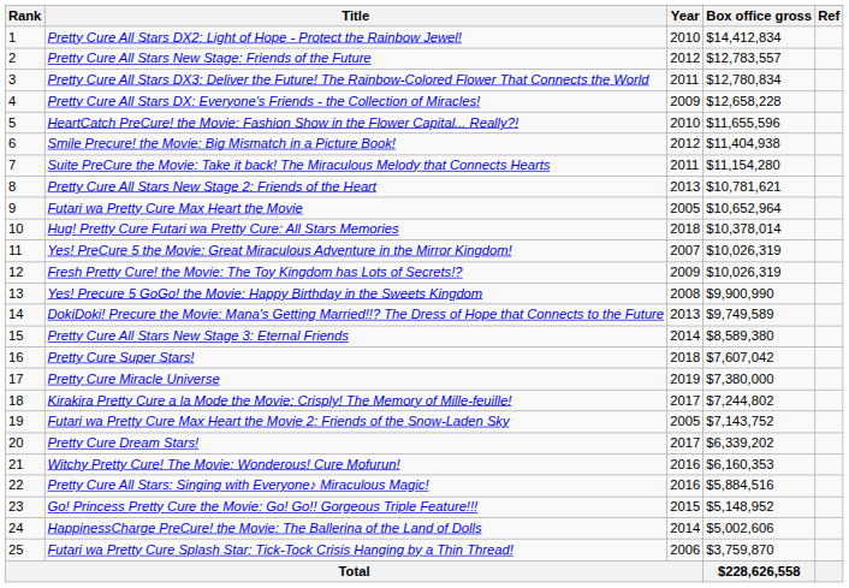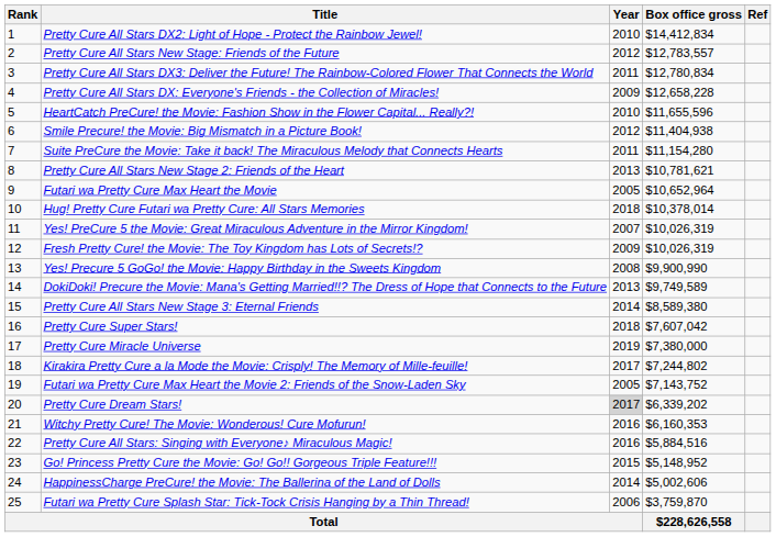 <table class="wikitable sortable">
 <tr>
 <th>Rank</th>
 <th>Title</th>
 <th>Year</th>
 <th>Box office gross</th>
 <th>Ref</th>
 </tr>
 <tr>
 <td>1</td>
 <td><em><a href='#'>Pretty Cure All Stars DX2: Light of Hope - Protect the Rainbow Jewel!</a></em></td>
 <td>2010</td>
 <td>$14,412,834</td>
 <td></td>
 </tr>
 <tr>
 <td>2</td>
 <td><em><a href='#'>Pretty Cure All Stars New Stage: Friends of the Future</a></em></td>
 <td>2012</td>
 <td>$12,783,557</td>
 <td></td>
 </tr>
 <tr>
 <td>3</td>
 <td><em><a href='#'>Pretty Cure All Stars DX3: Deliver the Future! The Rainbow-Colored Flower That Connects the World</a></em></td>
 <td>2011</td>
 <td>$12,780,834</td>
 <td></td>
 </tr>
 <tr>
 <td>4</td>
 <td><em><a href='#'>Pretty Cure All Stars DX: Everyone's Friends - the Collection of Miracles!</a></em></td>
 <td>2009</td>
 <td>$12,658,228</td>
 <td></td>
 </tr>
 <tr>
 <td>5</td>
 <td><em><a href='#'>HeartCatch PreCure! the Movie: Fashion Show in the Flower Capital... Really?!</a></em></td>
 <td>2010</td>
 <td>$11,655,596</td>
 <td></td>
 </tr>
 <tr>
 <td>6</td>
 <td><em><a href='#'>Smile Precure! the Movie: Big Mismatch in a Picture Book!</a></em></td>
 <td>2012</td>
 <td>$11,404,938</td>
 <td></td>
 </tr>
 <tr>
 <td>7</td>
 <td><em><a href='#'>Suite PreCure the Movie: Take it back! The Miraculous Melody that Connects Hearts</a></em></td>
 <td>2011</td>
 <td>$11,154,280</td>
 <td></td>
 </tr>
 <tr>
 <td>8</td>
 <td><em><a href='#'>Pretty Cure All Stars New Stage 2: Friends of the Heart</a></em></td>
 <td>2013</td>
 <td>$10,781,621</td>
 <td></td>
 </tr>
 <tr>
 <td>9</td>
 <td><em><a href='#'>Futari wa Pretty Cure Max Heart the Movie</a></em></td>
 <td>2005</td>
 <td>$10,652,964</td>
 <td></td>
 </tr>
 <tr>
 <td>10</td>
 <td><em><a href='#'>Hug! Pretty Cure Futari wa Pretty Cure: All Stars Memories</a></em></td>
 <td>2018</td>
 <td>$10,378,014</td>
 <td></td>
 </tr>
 <tr>
 <td>11</td>
 <td><em><a href='#'>Yes! PreCure 5 the Movie: Great Miraculous Adventure in the Mirror Kingdom!</a></em></td>
 <td>2007</td>
 <td>$10,026,319</td>
 <td></td>
 </tr>
 <tr>
 <td>12</td>
 <td><em><a href='#'>Fresh Pretty Cure! the Movie: The Toy Kingdom has Lots of Secrets!?</a></em></td>
 <td>2009</td>
 <td>$10,026,319</td>
 <td></td>
 </tr>
 <tr>
 <td>13</td>
 <td><em><a href='#'>Yes! Precure 5 GoGo! the Movie: Happy Birthday in the Sweets Kingdom</a></em></td>
 <td>2008</td>
 <td>$9,900,990</td>
 <td></td>
 </tr>
 <tr>
 <td>14</td>
 <td><em><a href='#'>DokiDoki! Precure the Movie: Mana's Getting Married!!? The Dress of Hope that Connects to the Future</a></em></td>
 <td>2013</td>
 <td>$9,749,589</td>
 <td></td>
 </tr>
 <tr>
 <td>15</td>
 <td><em><a href='#'>Pretty Cure All Stars New Stage 3: Eternal Friends</a></em></td>
 <td>2014</td>
 <td>$8,589,380</td>
 <td></td>
 </tr>
 <tr>
 <td>16</td>
 <td><em><a href='#'>Pretty Cure Super Stars!</a></em></td>
 <td>2018</td>
 <td>$7,607,042</td>
 <td></td>
 </tr>
 <tr>
 <td>17</td>
 <td><em><a href='#'>Pretty Cure Miracle Universe</a></em></td>
 <td>2019</td>
 <td>$7,380,000</td>
 <td></td>
 </tr>
 <tr>
 <td>18</td>
 <td><em><a href='#'>Kirakira Pretty Cure a la Mode the Movie: Crisply! The Memory of Mille-feuille!</a></em></td>
 <td>2017</td>
 <td>$7,244,802</td>
 <td></td>
 </tr>
 <tr>
 <td>19</td>
 <td><em><a href='#'>Futari wa Pretty Cure Max Heart the Movie 2: Friends of the Snow-Laden Sky</a></em></td>
 <td>2005</td>
 <td>$7,143,752</td>
 <td></td>
 </tr>
 <tr>
 <td>20</td>
 <td><em><a href='#'>Pretty Cure Dream Stars!</a></em></td>
-<td>2017</td>
+<td style="background: lightgrey;">2017</td>
 <td>$6,339,202</td>
 <td></td>
 </tr>
 <tr>
 <td>21</td>
 <td><em><a href='#'>Witchy Pretty Cure! The Movie: Wonderous! Cure Mofurun!</a></em></td>
 <td>2016</td>
 <td>$6,160,353</td>
 <td></td>
 </tr>
 <tr>
 <td>22</td>
 <td><em><a href='#'>Pretty Cure All Stars: Singing with Everyone♪ Miraculous Magic!</a></em></td>
 <td>2016</td>
 <td>$5,884,516</td>
 <td></td>
 </tr>
 <tr>
 <td>23</td>
 <td><em><a href='#'>Go! Princess Pretty Cure the Movie: Go! Go!! Gorgeous Triple Feature!!!</a></em></td>
 <td>2015</td>
 <td>$5,148,952</td>
 <td></td>
 </tr>
 <tr>
 <td>24</td>
 <td><em><a href='#'>HappinessCharge PreCure! the Movie: The Ballerina of the Land of Dolls</a></em></td>
 <td>2014</td>
 <td>$5,002,606</td>
 <td></td>
 </tr>
 <tr>
 <td>25</td>
 <td><em><a href='#'>Futari wa Pretty Cure Splash Star: Tick-Tock Crisis Hanging by a Thin Thread!</a></em></td>
 <td>2006</td>
 <td>$3,759,870</td>
 <td></td>
 </tr>
 <tr>
 <th colspan="3">Total</th>
 <th>$228,626,558</th>
 <th></th>
 </tr>
 </table>
